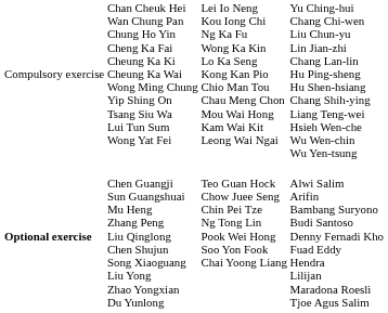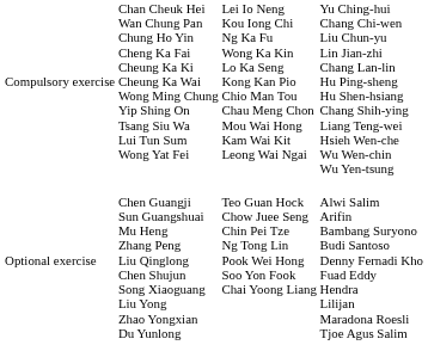 <table>
 <tr>
 <td>Compulsory exercise</td>
 <td valign=top><br>Chan Cheuk Hei<br>Wan Chung Pan<br>Chung Ho Yin<br>Cheng Ka Fai<br>Cheung Ka Ki<br>Cheung Ka Wai<br>Wong Ming Chung<br>Yip Shing On<br>Tsang Siu Wa<br>Lui Tun Sum<br>Wong Yat Fei</td>
 <td valign=top><br>Lei Io Neng<br>Kou Iong Chi<br>Ng Ka Fu<br>Wong Ka Kin<br>Lo Ka Seng<br>Kong Kan Pio<br>Chio Man Tou<br>Chau Meng Chon<br>Mou Wai Hong<br>Kam Wai Kit<br>Leong Wai Ngai</td>
 <td><br>Yu Ching-hui<br>Chang Chi-wen<br>Liu Chun-yu<br>Lin Jian-zhi<br>Chang Lan-lin<br>Hu Ping-sheng<br>Hu Shen-hsiang<br>Chang Shih-ying<br>Liang Teng-wei<br>Hsieh Wen-che<br>Wu Wen-chin<br>Wu Yen-tsung</td>
 </tr>
 <tr>
-<td><strong>Optional exercise</strong></td>
+<td>Optional exercise</td>
 <td><br>Chen Guangji<br>Sun Guangshuai<br>Mu Heng<br>Zhang Peng<br>Liu Qinglong<br>Chen Shujun<br>Song Xiaoguang<br>Liu Yong<br>Zhao Yongxian<br>Du Yunlong</td>
 <td valign=top><br>Teo Guan Hock<br>Chow Juee Seng<br>Chin Pei Tze<br>Ng Tong Lin<br>Pook Wei Hong<br>Soo Yon Fook<br>Chai Yoong Liang</td>
 <td><br>Alwi Salim<br>Arifin<br>Bambang Suryono<br>Budi Santoso<br>Denny Fernadi Kho<br>Fuad Eddy<br>Hendra<br>Lilijan<br>Maradona Roesli<br>Tjoe Agus Salim</td>
 </tr>
 </table>
